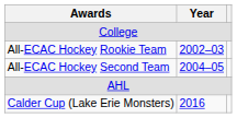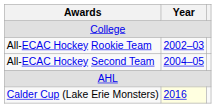 <table class="wikitable">
 <tr>
 <th>Awards</th>
 <th>Year</th>
 <th></th>
 </tr>
 <tr ALIGN="center" bgcolor="#e0e0e0">
 <td colspan="3"><a href='#'>College</a></td>
 </tr>
 <tr>
 <td>All-<a href='#'>ECAC Hockey</a> <a href='#'>Rookie Team</a></td>
 <td><a href='#'>2002–03</a></td>
 <td></td>
 </tr>
 <tr>
 <td>All-<a href='#'>ECAC Hockey</a> <a href='#'>Second Team</a></td>
 <td><a href='#'>2004–05</a></td>
 <td></td>
 </tr>
 <tr ALIGN="center" bgcolor="#e0e0e0">
 <td colspan="3"><a href='#'>AHL</a></td>
 </tr>
 <tr>
 <td><a href='#'>Calder Cup</a> (Lake Erie Monsters)</td>
-<td><a href='#'>2016</a></td>
+<td style="background: lightyellow;"><a href='#'>2016</a></td>
 <td></td>
 </tr>
 </table>
